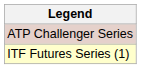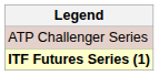 <table class="wikitable">
 <tr>
 <th>Legend</th>
 </tr>
 <tr bgcolor="#e5d1cb">
 <td>ATP Challenger Series</td>
 </tr>
 <tr bgcolor="#ffffcc">
-<td>ITF Futures Series (1)</td>
+<td><strong>ITF Futures Series (1)</strong></td>
 </tr>
 </table>
